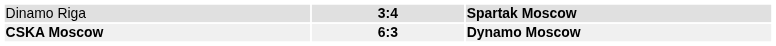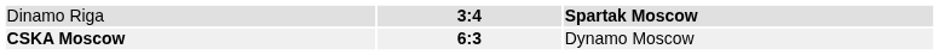 <table width="70%">
 <tr bgcolor="#e0e0e0">
 <td style="width:40%;">Dinamo Riga</td>
 <th style="width:20%;"><strong>3:4</strong></th>
 <td style="width:40%;"><strong>Spartak Moscow</strong></td>
 </tr>
 <tr bgcolor="#f0f0f0">
 <td><strong>CSKA Moscow</strong></td>
 <td align="center"><strong>6:3</strong></td>
-<td><strong>Dynamo Moscow</strong></td>
+<td>Dynamo Moscow</td>
 </tr>
 </table>
